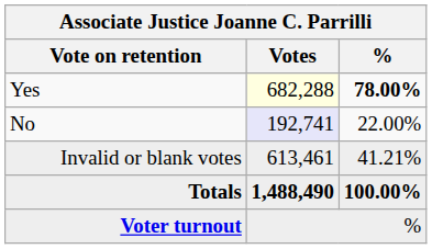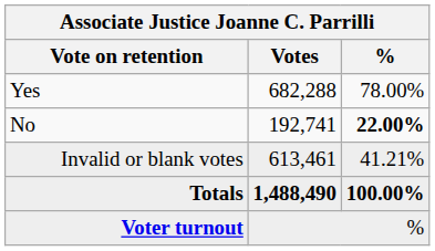 <table class="wikitable" style="font-size: 95%;">
 <tr style="background-color:#E9E9E9">
 <th colspan=7>Associate Justice Joanne C. Parrilli</th>
 </tr>
 <tr style="background-color:#E9E9E9">
 <th style="width: 170px">Vote on retention</th>
 <th style="width: 50px">Votes</th>
 <th style="width: 40px">%</th>
 </tr>
 <tr>
 <td>Yes</td>
-<td align="right" style="background: lightyellow;">682,288</td>
-<td align="right"><strong>78.00%</strong></td>
+<td align="right">682,288</td>
+<td align="right">78.00%</td>
 </tr>
 <tr>
 <td>No</td>
-<td align="right" style="background: lavender;">192,741</td>
-<td align="right">22.00%</td>
+<td align="right">192,741</td>
+<td align="right"><strong>22.00%</strong></td>
 </tr>
 <tr bgcolor="#EEEEEE">
 <td align="right">Invalid or blank votes</td>
 <td align="right">613,461</td>
 <td align="right">41.21%</td>
 </tr>
 <tr bgcolor="#EEEEEE">
 <td align="right"><strong>Totals</strong></td>
 <td align="right"><strong>1,488,490</strong></td>
 <td align="right"><strong>100.00%</strong></td>
 </tr>
 <tr bgcolor="#EEEEEE">
 <td align="right"><strong><a href='#'>Voter turnout</a></strong></td>
 <td colspan="2" align="right">%</td>
 </tr>
 </table>
